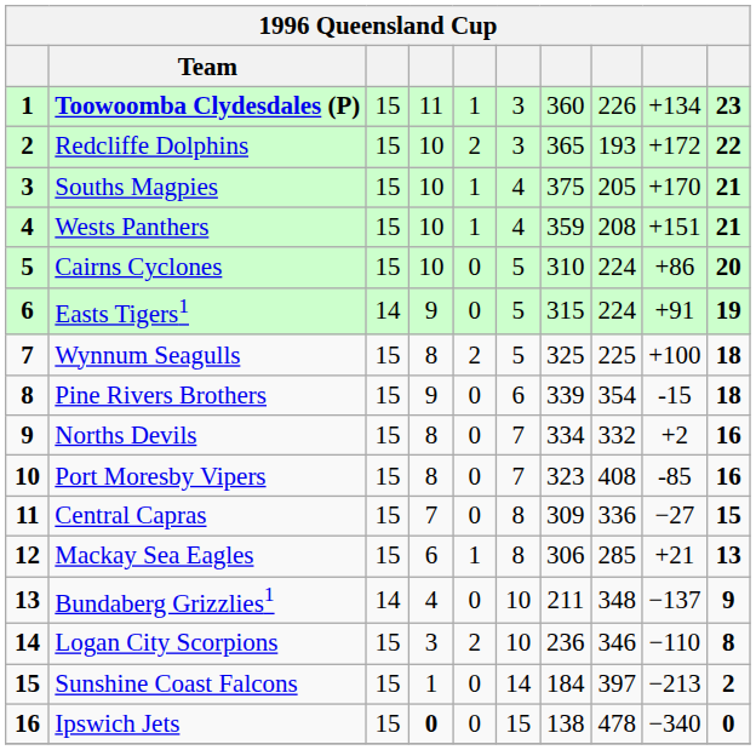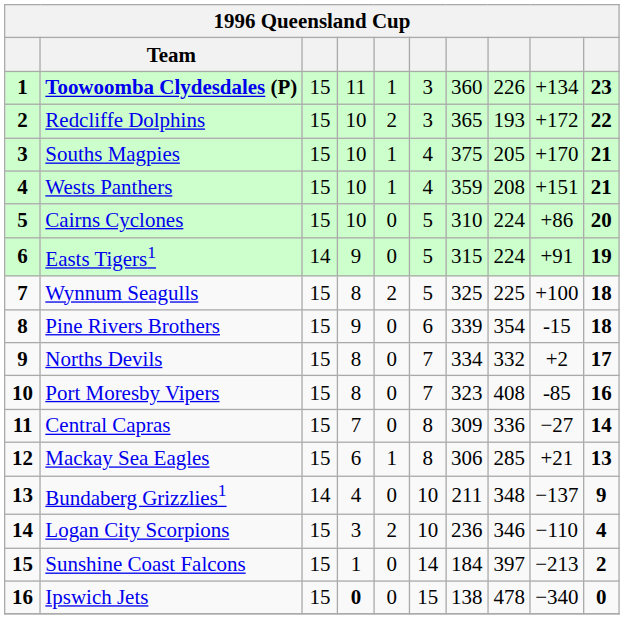 <table class="wikitable" style="text-align:center;">
 <tr>
 <th colspan="11">1996 Queensland Cup</th>
 </tr>
 <tr>
 <th width="20"></th>
 <th>Team</th>
 <th width="20"></th>
 <th width="20"></th>
 <th width="20"></th>
 <th width="20"></th>
 <th width="25"></th>
 <th width="25"></th>
 <th width="30"></th>
 <th width="20"></th>
 </tr>
 <tr style="background: #ccffcc;">
 <td><strong>1</strong></td>
 <td style="text-align:left;"> <strong><a href='#'>Toowoomba Clydesdales</a> (P)</strong></td>
 <td>15</td>
 <td>11</td>
 <td>1</td>
 <td>3</td>
 <td>360</td>
 <td>226</td>
 <td>+134</td>
 <td><strong>23</strong></td>
 </tr>
 <tr style="background: #ccffcc;">
 <td><strong>2</strong></td>
 <td style="text-align:left;"> <a href='#'>Redcliffe Dolphins</a></td>
 <td>15</td>
 <td>10</td>
 <td>2</td>
 <td>3</td>
 <td>365</td>
 <td>193</td>
 <td>+172</td>
 <td><strong>22</strong></td>
 </tr>
 <tr style="background: #ccffcc;">
 <td><strong>3</strong></td>
 <td style="text-align:left;"> <a href='#'>Souths Magpies</a></td>
 <td>15</td>
 <td>10</td>
 <td>1</td>
 <td>4</td>
 <td>375</td>
 <td>205</td>
 <td>+170</td>
 <td><strong>21</strong></td>
 </tr>
 <tr style="background: #ccffcc;">
 <td><strong>4</strong></td>
 <td style="text-align:left;"> <a href='#'>Wests Panthers</a></td>
 <td>15</td>
 <td>10</td>
 <td>1</td>
 <td>4</td>
 <td>359</td>
 <td>208</td>
 <td>+151</td>
 <td><strong>21</strong></td>
 </tr>
 <tr style="background: #ccffcc;">
 <td><strong>5</strong></td>
 <td style="text-align:left;"> <a href='#'>Cairns Cyclones</a></td>
 <td>15</td>
 <td>10</td>
 <td>0</td>
 <td>5</td>
 <td>310</td>
 <td>224</td>
 <td>+86</td>
 <td><strong>20</strong></td>
 </tr>
 <tr style="background: #ccffcc;">
 <td><strong>6</strong></td>
 <td style="text-align:left;"> <a href='#'>Easts Tigers</a><a href='#'><sup>1</sup></a></td>
 <td>14</td>
 <td>9</td>
 <td>0</td>
 <td>5</td>
 <td>315</td>
 <td>224</td>
 <td>+91</td>
 <td><strong>19</strong></td>
 </tr>
 <tr style="background:">
 <td><strong>7</strong></td>
 <td style="text-align:left;"> <a href='#'>Wynnum Seagulls</a></td>
 <td>15</td>
 <td>8</td>
 <td>2</td>
 <td>5</td>
 <td>325</td>
 <td>225</td>
 <td>+100</td>
 <td><strong>18</strong></td>
 </tr>
 <tr style="background:">
 <td><strong>8</strong></td>
 <td style="text-align:left;"> <a href='#'>Pine Rivers Brothers</a></td>
 <td>15</td>
 <td>9</td>
 <td>0</td>
 <td>6</td>
 <td>339</td>
 <td>354</td>
 <td>-15</td>
 <td><strong>18</strong></td>
 </tr>
 <tr style="background:">
 <td><strong>9</strong></td>
 <td style="text-align:left;"> <a href='#'>Norths Devils</a></td>
 <td>15</td>
 <td>8</td>
 <td>0</td>
 <td>7</td>
 <td>334</td>
 <td>332</td>
 <td>+2</td>
-<td><strong>16</strong></td>
+<td><strong>17</strong></td>
 </tr>
 <tr style="background:">
 <td><strong>10</strong></td>
 <td style="text-align:left;"> <a href='#'>Port Moresby Vipers</a></td>
 <td>15</td>
 <td>8</td>
 <td>0</td>
 <td>7</td>
 <td>323</td>
 <td>408</td>
 <td>-85</td>
 <td><strong>16</strong></td>
 </tr>
 <tr style="background:">
 <td><strong>11</strong></td>
 <td style="text-align:left;"> <a href='#'>Central Capras</a></td>
 <td>15</td>
 <td>7</td>
 <td>0</td>
 <td>8</td>
 <td>309</td>
 <td>336</td>
 <td>−27</td>
-<td><strong>15</strong></td>
+<td><strong>14</strong></td>
 </tr>
 <tr style="background:">
 <td><strong>12</strong></td>
 <td style="text-align:left;"> <a href='#'>Mackay Sea Eagles</a></td>
 <td>15</td>
 <td>6</td>
 <td>1</td>
 <td>8</td>
 <td>306</td>
 <td>285</td>
 <td>+21</td>
 <td><strong>13</strong></td>
 </tr>
 <tr style="background:">
 <td><strong>13</strong></td>
 <td style="text-align:left;"> <a href='#'>Bundaberg Grizzlies</a><a href='#'><sup>1</sup></a></td>
 <td>14</td>
 <td>4</td>
 <td>0</td>
 <td>10</td>
 <td>211</td>
 <td>348</td>
 <td>−137</td>
 <td><strong>9</strong></td>
 </tr>
 <tr style="background:">
 <td><strong>14</strong></td>
 <td style="text-align:left;"> <a href='#'>Logan City Scorpions</a></td>
 <td>15</td>
 <td>3</td>
 <td>2</td>
 <td>10</td>
 <td>236</td>
 <td>346</td>
 <td>−110</td>
-<td><strong>8</strong></td>
+<td><strong>4</strong></td>
 </tr>
 <tr style="background:">
 <td><strong>15</strong></td>
 <td style="text-align:left;"> <a href='#'>Sunshine Coast Falcons</a></td>
 <td>15</td>
 <td>1</td>
 <td>0</td>
 <td>14</td>
 <td>184</td>
 <td>397</td>
 <td>−213</td>
 <td><strong>2</strong></td>
 </tr>
 <tr style="background:">
 <td><strong>16</strong></td>
 <td style="text-align:left;"> <a href='#'>Ipswich Jets</a></td>
 <td>15</td>
 <td><strong>0</strong></td>
 <td>0</td>
 <td>15</td>
 <td>138</td>
 <td>478</td>
 <td>−340</td>
 <td><strong>0</strong></td>
 </tr>
 <tr style="background:">
 </tr>
 </table>
